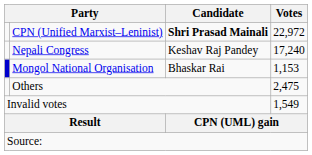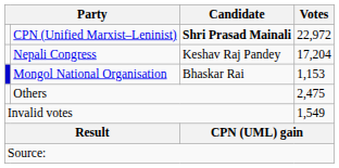 <table class="wikitable">
 <tr>
 <th colspan="2">Party</th>
 <th>Candidate</th>
 <th>Votes</th>
 </tr>
 <tr>
 <td style="background-color:"></td>
 <td><a href='#'>CPN (Unified Marxist–Leninist)</a></td>
 <td><strong>Shri Prasad Mainali</strong></td>
 <td>22,972</td>
 </tr>
 <tr>
 <td style="background-color:"></td>
 <td><a href='#'>Nepali Congress</a></td>
 <td>Keshav Raj Pandey</td>
-<td>17,240</td>
+<td>17,204</td>
 </tr>
 <tr>
 <td style="background-color:mediumblue"></td>
 <td><a href='#'>Mongol National Organisation</a></td>
 <td>Bhaskar Rai</td>
 <td>1,153</td>
 </tr>
 <tr>
 <td></td>
 <td colspan="2">Others</td>
 <td>2,475</td>
 </tr>
 <tr>
 <td colspan="3">Invalid votes</td>
 <td>1,549</td>
 </tr>
 <tr>
 <th colspan="2">Result</th>
 <th colspan="2">CPN (UML) gain</th>
 </tr>
 <tr>
 <td colspan="4">Source: </td>
 </tr>
 </table>
